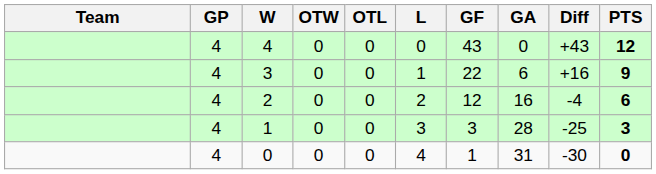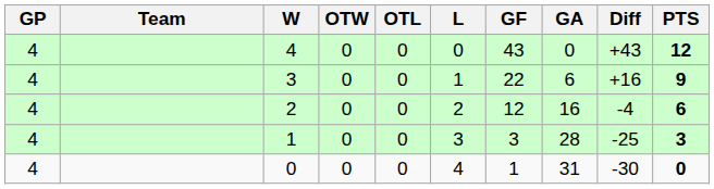 <table class="wikitable" style="text-align:center;">
 <tr>
+<th width=40>GP</th>
 <th width=165>Team</th>
-<th width=40>GP</th>
 <th width=40>W</th>
 <th width=40>OTW</th>
 <th width=40>OTL</th>
 <th width=40>L</th>
 <th width=40>GF</th>
 <th width=40>GA</th>
 <th width=40>Diff</th>
 <th width=40>PTS</th>
 </tr>
 <tr bgcolor=#ccffcc>
+<td>4</td>
 <td style="text-align:left;"></td>
-<td>4</td>
 <td>4</td>
 <td>0</td>
 <td>0</td>
 <td>0</td>
 <td>43</td>
 <td>0</td>
 <td>+43</td>
 <td><strong>12</strong></td>
 </tr>
 <tr bgcolor=#ccffcc>
+<td>4</td>
 <td style="text-align:left;"></td>
-<td>4</td>
 <td>3</td>
 <td>0</td>
 <td>0</td>
 <td>1</td>
 <td>22</td>
 <td>6</td>
 <td>+16</td>
 <td><strong>9</strong></td>
 </tr>
 <tr bgcolor=#ccffcc>
+<td>4</td>
 <td style="text-align:left;"></td>
-<td>4</td>
 <td>2</td>
 <td>0</td>
 <td>0</td>
 <td>2</td>
 <td>12</td>
 <td>16</td>
 <td>-4</td>
 <td><strong>6</strong></td>
 </tr>
 <tr bgcolor=#ccffcc>
+<td>4</td>
 <td style="text-align:left;"><strong></strong></td>
-<td>4</td>
 <td>1</td>
 <td>0</td>
 <td>0</td>
 <td>3</td>
 <td>3</td>
 <td>28</td>
 <td>-25</td>
 <td><strong>3</strong></td>
 </tr>
 <tr>
+<td>4</td>
 <td style="text-align:left;"></td>
-<td>4</td>
 <td>0</td>
 <td>0</td>
 <td>0</td>
 <td>4</td>
 <td>1</td>
 <td>31</td>
 <td>-30</td>
 <td><strong>0</strong></td>
 </tr>
 </table>
